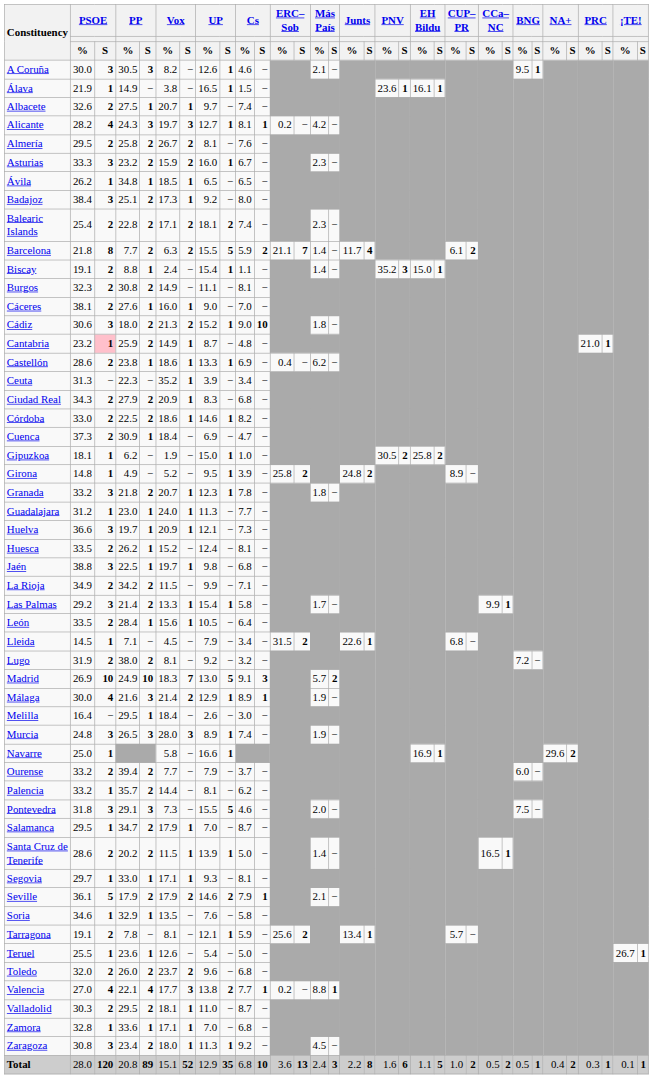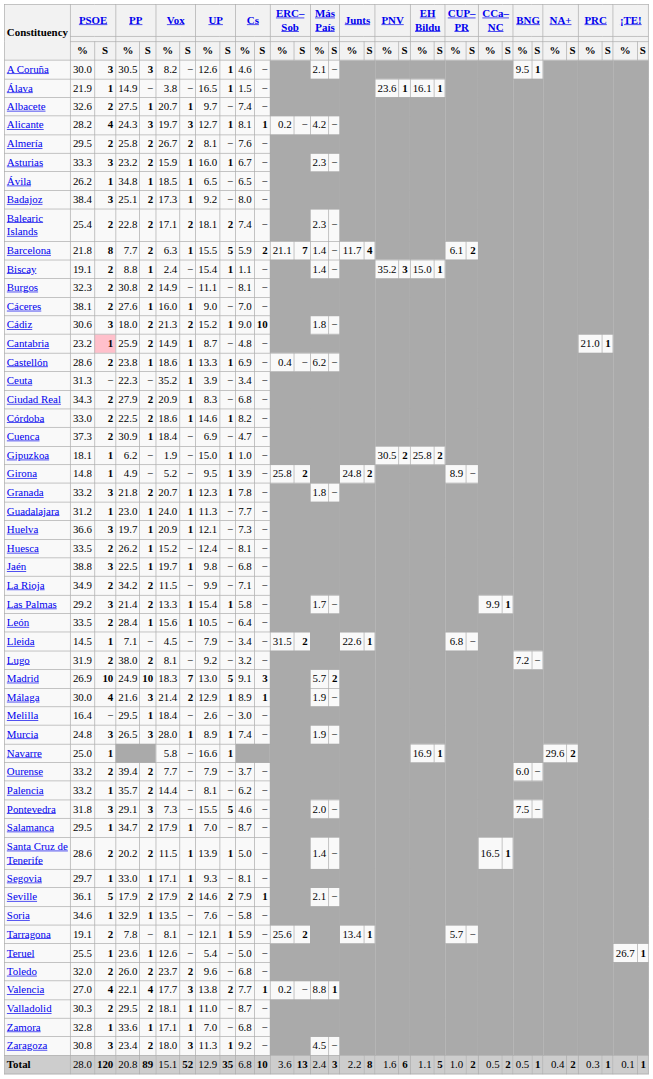 <table class="wikitable sortable" style="text-align:right; line-height:20px;">
 <tr>
 <th rowspan="3">Constituency</th>
 <th colspan="2" width="30px" class="unsortable"><a href='#'>PSOE</a></th>
 <th colspan="2" width="30px" class="unsortable"><a href='#'>PP</a></th>
 <th colspan="2" width="30px" class="unsortable"><a href='#'>Vox</a></th>
 <th colspan="2" width="30px" class="unsortable"><a href='#'>UP</a></th>
 <th colspan="2" width="30px" class="unsortable"><a href='#'>Cs</a></th>
 <th colspan="2" width="30px" class="unsortable"><a href='#'>ERC–Sob</a></th>
 <th colspan="2" width="30px" class="unsortable"><a href='#'>Más País</a></th>
 <th colspan="2" width="30px" class="unsortable"><a href='#'>Junts</a></th>
 <th colspan="2" width="30px" class="unsortable"><a href='#'>PNV</a></th>
 <th colspan="2" width="30px" class="unsortable"><a href='#'>EH Bildu</a></th>
 <th colspan="2" width="30px" class="unsortable"><a href='#'>CUP–PR</a></th>
 <th colspan="2" width="30px" class="unsortable"><a href='#'>CCa–NC</a></th>
 <th colspan="2" width="30px" class="unsortable"><a href='#'>BNG</a></th>
 <th colspan="2" width="30px" class="unsortable"><a href='#'>NA+</a></th>
 <th colspan="2" width="30px" class="unsortable"><a href='#'>PRC</a></th>
 <th colspan="2" width="30px" class="unsortable"><a href='#'>¡TE!</a></th>
 </tr>
 <tr>
 <th colspan="2" style="background:"></th>
 <th colspan="2" style="background:"></th>
 <th colspan="2" style="background:"></th>
 <th colspan="2" style="background:"></th>
 <th colspan="2" style="background:"></th>
 <th colspan="2" style="background:"></th>
 <th colspan="2" style="background:"></th>
 <th colspan="2" style="background:"></th>
 <th colspan="2" style="background:"></th>
 <th colspan="2" style="background:"></th>
 <th colspan="2" style="background:"></th>
 <th colspan="2" style="background:"></th>
 <th colspan="2" style="background:"></th>
 <th colspan="2" style="background:"></th>
 <th colspan="2" style="background:"></th>
 <th colspan="2" style="background:"></th>
 </tr>
 <tr>
 <th data-sort-type="number">%</th>
 <th data-sort-type="number">S</th>
 <th data-sort-type="number">%</th>
 <th data-sort-type="number">S</th>
 <th data-sort-type="number">%</th>
 <th data-sort-type="number">S</th>
 <th data-sort-type="number">%</th>
 <th data-sort-type="number">S</th>
 <th data-sort-type="number">%</th>
 <th data-sort-type="number">S</th>
 <th data-sort-type="number">%</th>
 <th data-sort-type="number">S</th>
 <th data-sort-type="number">%</th>
 <th data-sort-type="number">S</th>
 <th data-sort-type="number">%</th>
 <th data-sort-type="number">S</th>
 <th data-sort-type="number">%</th>
 <th data-sort-type="number">S</th>
 <th data-sort-type="number">%</th>
 <th data-sort-type="number">S</th>
 <th data-sort-type="number">%</th>
 <th data-sort-type="number">S</th>
 <th data-sort-type="number">%</th>
 <th data-sort-type="number">S</th>
 <th data-sort-type="number">%</th>
 <th data-sort-type="number">S</th>
 <th data-sort-type="number">%</th>
 <th data-sort-type="number">S</th>
 <th data-sort-type="number">%</th>
 <th data-sort-type="number">S</th>
 <th data-sort-type="number">%</th>
 <th data-sort-type="number">S</th>
 </tr>
 <tr>
 <td align="left"><a href='#'>A Coruña</a></td>
 <td>30.0</td>
 <td><strong>3</strong></td>
 <td style="background:">30.5</td>
 <td><strong>3</strong></td>
 <td>8.2</td>
 <td>−</td>
 <td>12.6</td>
 <td><strong>1</strong></td>
 <td>4.6</td>
 <td>−</td>
 <td colspan="2" rowspan="3" bgcolor="#AAAAAA"></td>
 <td>2.1</td>
 <td>−</td>
 <td colspan="2" rowspan="9" bgcolor="#AAAAAA"></td>
 <td colspan="2" bgcolor="#AAAAAA"></td>
 <td colspan="2" bgcolor="#AAAAAA"></td>
 <td colspan="2" rowspan="9" bgcolor="#AAAAAA"></td>
 <td colspan="2" rowspan="28" bgcolor="#AAAAAA"></td>
 <td>9.5</td>
 <td><strong>1</strong></td>
 <td colspan="2" rowspan="36" bgcolor="#AAAAAA"></td>
 <td colspan="2" rowspan="14" bgcolor="#AAAAAA"></td>
 <td colspan="2" rowspan="46" bgcolor="#AAAAAA"></td>
 </tr>
 <tr>
 <td align="left"><a href='#'>Álava</a></td>
 <td>21.9</td>
 <td><strong>1</strong></td>
 <td>14.9</td>
 <td>−</td>
 <td>3.8</td>
 <td>−</td>
 <td>16.5</td>
 <td><strong>1</strong></td>
 <td>1.5</td>
 <td>−</td>
 <td colspan="2" rowspan="2" bgcolor="#AAAAAA"></td>
 <td style="background:">23.6</td>
 <td><strong>1</strong></td>
 <td>16.1</td>
 <td><strong>1</strong></td>
 <td colspan="2" rowspan="30" bgcolor="#AAAAAA"></td>
 </tr>
 <tr>
 <td align="left"><a href='#'>Albacete</a></td>
 <td style="background:">32.6</td>
 <td><strong>2</strong></td>
 <td>27.5</td>
 <td><strong>1</strong></td>
 <td>20.7</td>
 <td><strong>1</strong></td>
 <td>9.7</td>
 <td>−</td>
 <td>7.4</td>
 <td>−</td>
 <td colspan="2" rowspan="8" bgcolor="#AAAAAA"></td>
 <td colspan="2" rowspan="8" bgcolor="#AAAAAA"></td>
 </tr>
 <tr>
 <td align="left"><a href='#'>Alicante</a></td>
 <td style="background:">28.2</td>
 <td><strong>4</strong></td>
 <td>24.3</td>
 <td><strong>3</strong></td>
 <td>19.7</td>
 <td><strong>3</strong></td>
 <td>12.7</td>
 <td><strong>1</strong></td>
 <td>8.1</td>
 <td><strong>1</strong></td>
 <td>0.2</td>
 <td>−</td>
 <td>4.2</td>
 <td>−</td>
 </tr>
 <tr>
 <td align="left"><a href='#'>Almería</a></td>
 <td style="background:">29.5</td>
 <td><strong>2</strong></td>
 <td>25.8</td>
 <td><strong>2</strong></td>
 <td>26.7</td>
 <td><strong>2</strong></td>
 <td>8.1</td>
 <td>−</td>
 <td>7.6</td>
 <td>−</td>
 <td colspan="2" rowspan="5" bgcolor="#AAAAAA"></td>
 <td colspan="2" bgcolor="#AAAAAA"></td>
 </tr>
 <tr>
 <td align="left"><a href='#'>Asturias</a></td>
 <td style="background:">33.3</td>
 <td><strong>3</strong></td>
 <td>23.2</td>
 <td><strong>2</strong></td>
 <td>15.9</td>
-<td><strong>2</strong></td>
+<td><strong>1</strong></td>
 <td>16.0</td>
 <td><strong>1</strong></td>
 <td>6.7</td>
 <td>−</td>
 <td>2.3</td>
 <td>−</td>
 </tr>
 <tr>
 <td align="left"><a href='#'>Ávila</a></td>
 <td>26.2</td>
 <td><strong>1</strong></td>
 <td style="background:">34.8</td>
 <td><strong>1</strong></td>
 <td>18.5</td>
 <td><strong>1</strong></td>
 <td>6.5</td>
 <td>−</td>
 <td>6.5</td>
 <td>−</td>
 <td colspan="2" rowspan="2" bgcolor="#AAAAAA"></td>
 </tr>
 <tr>
 <td align="left"><a href='#'>Badajoz</a></td>
 <td style="background:">38.4</td>
 <td><strong>3</strong></td>
 <td>25.1</td>
 <td><strong>2</strong></td>
 <td>17.3</td>
 <td><strong>1</strong></td>
 <td>9.2</td>
 <td>−</td>
 <td>8.0</td>
 <td>−</td>
 </tr>
 <tr>
 <td align="left"><a href='#'>Balearic Islands</a></td>
 <td style="background:">25.4</td>
 <td><strong>2</strong></td>
 <td>22.8</td>
 <td><strong>2</strong></td>
 <td>17.1</td>
 <td><strong>2</strong></td>
 <td>18.1</td>
 <td><strong>2</strong></td>
 <td>7.4</td>
 <td>−</td>
 <td>2.3</td>
 <td>−</td>
 </tr>
 <tr>
 <td align="left"><a href='#'>Barcelona</a></td>
 <td style="background:">21.8</td>
 <td><strong>8</strong></td>
 <td>7.7</td>
 <td><strong>2</strong></td>
 <td>6.3</td>
-<td><strong>2</strong></td>
+<td><strong>1</strong></td>
 <td>15.5</td>
 <td><strong>5</strong></td>
 <td>5.9</td>
 <td><strong>2</strong></td>
 <td>21.1</td>
 <td><strong>7</strong></td>
 <td>1.4</td>
 <td>−</td>
 <td>11.7</td>
 <td><strong>4</strong></td>
 <td>6.1</td>
 <td><strong>2</strong></td>
 </tr>
 <tr>
 <td align="left"><a href='#'>Biscay</a></td>
 <td>19.1</td>
 <td><strong>2</strong></td>
 <td>8.8</td>
 <td><strong>1</strong></td>
 <td>2.4</td>
 <td>−</td>
 <td>15.4</td>
 <td><strong>1</strong></td>
 <td>1.1</td>
 <td>−</td>
 <td colspan="2" rowspan="5" bgcolor="#AAAAAA"></td>
 <td>1.4</td>
 <td>−</td>
 <td colspan="2" rowspan="11" bgcolor="#AAAAAA"></td>
 <td style="background:">35.2</td>
 <td><strong>3</strong></td>
 <td>15.0</td>
 <td><strong>1</strong></td>
 <td colspan="2" rowspan="11" bgcolor="#AAAAAA"></td>
 </tr>
 <tr>
 <td align="left"><a href='#'>Burgos</a></td>
 <td style="background:">32.3</td>
 <td><strong>2</strong></td>
 <td>30.8</td>
 <td><strong>2</strong></td>
 <td>14.9</td>
 <td>−</td>
 <td>11.1</td>
 <td>−</td>
 <td>8.1</td>
 <td>−</td>
 <td colspan="2" rowspan="2" bgcolor="#AAAAAA"></td>
 <td colspan="2" rowspan="9" bgcolor="#AAAAAA"></td>
 <td colspan="2" rowspan="9" bgcolor="#AAAAAA"></td>
 </tr>
 <tr>
 <td align="left"><a href='#'>Cáceres</a></td>
 <td style="background:">38.1</td>
 <td><strong>2</strong></td>
 <td>27.6</td>
 <td><strong>1</strong></td>
 <td>16.0</td>
 <td><strong>1</strong></td>
 <td>9.0</td>
 <td>−</td>
 <td>7.0</td>
 <td>−</td>
 </tr>
 <tr>
 <td align="left"><a href='#'>Cádiz</a></td>
 <td style="background:">30.6</td>
 <td><strong>3</strong></td>
 <td>18.0</td>
 <td><strong>2</strong></td>
 <td>21.3</td>
 <td><strong>2</strong></td>
 <td>15.2</td>
 <td><strong>1</strong></td>
 <td>9.0</td>
 <td><strong>10</strong></td>
 <td>1.8</td>
 <td>−</td>
 </tr>
 <tr>
 <td align="left"><a href='#'>Cantabria</a></td>
 <td>23.2</td>
 <td style="background: pink;"><strong>1</strong></td>
 <td style="background:">25.9</td>
 <td><strong>2</strong></td>
 <td>14.9</td>
 <td><strong>1</strong></td>
 <td>8.7</td>
 <td>−</td>
 <td>4.8</td>
 <td>−</td>
 <td colspan="2" bgcolor="#AAAAAA"></td>
 <td>21.0</td>
 <td><strong>1</strong></td>
 </tr>
 <tr>
 <td align="left"><a href='#'>Castellón</a></td>
 <td style="background:">28.6</td>
 <td><strong>2</strong></td>
 <td>23.8</td>
 <td><strong>1</strong></td>
 <td>18.6</td>
 <td><strong>1</strong></td>
 <td>13.3</td>
 <td><strong>1</strong></td>
 <td>6.9</td>
 <td>−</td>
 <td>0.4</td>
 <td>−</td>
 <td>6.2</td>
 <td>−</td>
 <td colspan="2" rowspan="37" bgcolor="#AAAAAA"></td>
 </tr>
 <tr>
 <td align="left"><a href='#'>Ceuta</a></td>
 <td>31.3</td>
 <td>−</td>
 <td>22.3</td>
 <td>−</td>
 <td style="background:">35.2</td>
 <td><strong>1</strong></td>
 <td>3.9</td>
 <td>−</td>
 <td>3.4</td>
 <td>−</td>
 <td colspan="2" rowspan="5" bgcolor="#AAAAAA"></td>
 <td colspan="2" rowspan="6" bgcolor="#AAAAAA"></td>
 </tr>
 <tr>
 <td align="left"><a href='#'>Ciudad Real</a></td>
 <td style="background:">34.3</td>
 <td><strong>2</strong></td>
 <td>27.9</td>
 <td><strong>2</strong></td>
 <td>20.9</td>
 <td><strong>1</strong></td>
 <td>8.3</td>
 <td>−</td>
 <td>6.8</td>
 <td>−</td>
 </tr>
 <tr>
 <td align="left"><a href='#'>Córdoba</a></td>
 <td style="background:">33.0</td>
 <td><strong>2</strong></td>
 <td>22.5</td>
 <td><strong>2</strong></td>
 <td>18.6</td>
 <td><strong>1</strong></td>
 <td>14.6</td>
 <td><strong>1</strong></td>
 <td>8.2</td>
 <td>−</td>
 </tr>
 <tr>
 <td align="left"><a href='#'>Cuenca</a></td>
 <td style="background:">37.3</td>
 <td><strong>2</strong></td>
 <td>30.9</td>
 <td><strong>1</strong></td>
 <td>18.4</td>
 <td>−</td>
 <td>6.9</td>
 <td>−</td>
 <td>4.7</td>
 <td>−</td>
 </tr>
 <tr>
 <td align="left"><a href='#'>Gipuzkoa</a></td>
 <td>18.1</td>
 <td><strong>1</strong></td>
 <td>6.2</td>
 <td>−</td>
 <td>1.9</td>
 <td>−</td>
 <td>15.0</td>
 <td><strong>1</strong></td>
 <td>1.0</td>
 <td>−</td>
 <td style="background:">30.5</td>
 <td><strong>2</strong></td>
 <td>25.8</td>
 <td><strong>2</strong></td>
 </tr>
 <tr>
 <td align="left"><a href='#'>Girona</a></td>
 <td>14.8</td>
 <td><strong>1</strong></td>
 <td>4.9</td>
 <td>−</td>
 <td>5.2</td>
 <td>−</td>
 <td>9.5</td>
 <td><strong>1</strong></td>
 <td>3.9</td>
 <td>−</td>
 <td style="background:">25.8</td>
 <td><strong>2</strong></td>
 <td>24.8</td>
 <td><strong>2</strong></td>
 <td colspan="2" rowspan="31" bgcolor="#AAAAAA"></td>
 <td colspan="2" rowspan="15" bgcolor="#AAAAAA"></td>
 <td>8.9</td>
 <td>−</td>
 </tr>
 <tr>
 <td align="left"><a href='#'>Granada</a></td>
 <td style="background:">33.2</td>
 <td><strong>3</strong></td>
 <td>21.8</td>
 <td><strong>2</strong></td>
 <td>20.7</td>
 <td><strong>1</strong></td>
 <td>12.3</td>
 <td><strong>1</strong></td>
 <td>7.8</td>
 <td>−</td>
 <td colspan="2" rowspan="8" bgcolor="#AAAAAA"></td>
 <td>1.8</td>
 <td>−</td>
 <td colspan="2" rowspan="8" bgcolor="#AAAAAA"></td>
 <td colspan="2" rowspan="8" bgcolor="#AAAAAA"></td>
 </tr>
 <tr>
 <td align="left"><a href='#'>Guadalajara</a></td>
 <td style="background:">31.2</td>
 <td><strong>1</strong></td>
 <td>23.0</td>
 <td><strong>1</strong></td>
 <td>24.0</td>
 <td><strong>1</strong></td>
 <td>11.3</td>
 <td>−</td>
 <td>7.7</td>
 <td>−</td>
 <td colspan="2" rowspan="5" bgcolor="#AAAAAA"></td>
 </tr>
 <tr>
 <td align="left"><a href='#'>Huelva</a></td>
 <td style="background:">36.6</td>
 <td><strong>3</strong></td>
 <td>19.7</td>
 <td><strong>1</strong></td>
 <td>20.9</td>
 <td><strong>1</strong></td>
 <td>12.1</td>
 <td>−</td>
 <td>7.3</td>
 <td>−</td>
 </tr>
 <tr>
 <td align="left"><a href='#'>Huesca</a></td>
 <td style="background:">33.5</td>
 <td><strong>2</strong></td>
 <td>26.2</td>
 <td><strong>1</strong></td>
 <td>15.2</td>
 <td>−</td>
 <td>12.4</td>
 <td>−</td>
 <td>8.1</td>
 <td>−</td>
 </tr>
 <tr>
 <td align="left"><a href='#'>Jaén</a></td>
 <td style="background:">38.8</td>
 <td><strong>3</strong></td>
 <td>22.5</td>
 <td><strong>1</strong></td>
 <td>19.7</td>
 <td><strong>1</strong></td>
 <td>9.8</td>
 <td>−</td>
 <td>6.8</td>
 <td>−</td>
 </tr>
 <tr>
 <td align="left"><a href='#'>La Rioja</a></td>
 <td style="background:">34.9</td>
 <td><strong>2</strong></td>
 <td>34.2</td>
 <td><strong>2</strong></td>
 <td>11.5</td>
 <td>−</td>
 <td>9.9</td>
 <td>−</td>
 <td>7.1</td>
 <td>−</td>
 </tr>
 <tr>
 <td align="left"><a href='#'>Las Palmas</a></td>
 <td style="background:">29.2</td>
 <td><strong>3</strong></td>
 <td>21.4</td>
 <td><strong>2</strong></td>
 <td>13.3</td>
 <td><strong>1</strong></td>
 <td>15.4</td>
 <td><strong>1</strong></td>
 <td>5.8</td>
 <td>−</td>
 <td>1.7</td>
 <td>−</td>
 <td>9.9</td>
 <td><strong>1</strong></td>
 </tr>
 <tr>
 <td align="left"><a href='#'>León</a></td>
 <td style="background:">33.5</td>
 <td><strong>2</strong></td>
 <td>28.4</td>
 <td><strong>1</strong></td>
 <td>15.6</td>
 <td><strong>1</strong></td>
 <td>10.5</td>
 <td>−</td>
 <td>6.4</td>
 <td>−</td>
 <td colspan="2" rowspan="3" bgcolor="#AAAAAA"></td>
 <td colspan="2" rowspan="12" bgcolor="#AAAAAA"></td>
 </tr>
 <tr>
 <td align="left"><a href='#'>Lleida</a></td>
 <td>14.5</td>
 <td><strong>1</strong></td>
 <td>7.1</td>
 <td>−</td>
 <td>4.5</td>
 <td>−</td>
 <td>7.9</td>
 <td>−</td>
 <td>3.4</td>
 <td>−</td>
 <td style="background:">31.5</td>
 <td><strong>2</strong></td>
 <td>22.6</td>
 <td><strong>1</strong></td>
 <td>6.8</td>
 <td>−</td>
 </tr>
 <tr>
 <td align="left"><a href='#'>Lugo</a></td>
 <td>31.9</td>
 <td><strong>2</strong></td>
 <td style="background:">38.0</td>
 <td><strong>2</strong></td>
 <td>8.1</td>
 <td>−</td>
 <td>9.2</td>
 <td>−</td>
 <td>3.2</td>
 <td>−</td>
 <td colspan="2" rowspan="14" bgcolor="#AAAAAA"></td>
 <td colspan="2" rowspan="14" bgcolor="#AAAAAA"></td>
 <td colspan="2" rowspan="14" bgcolor="#AAAAAA"></td>
 <td>7.2</td>
 <td>−</td>
 </tr>
 <tr>
 <td align="left"><a href='#'>Madrid</a></td>
 <td style="background:">26.9</td>
 <td><strong>10</strong></td>
 <td>24.9</td>
 <td><strong>10</strong></td>
 <td>18.3</td>
 <td><strong>7</strong></td>
 <td>13.0</td>
 <td><strong>5</strong></td>
 <td>9.1</td>
 <td><strong>3</strong></td>
 <td>5.7</td>
 <td><strong>2</strong></td>
 <td colspan="2" rowspan="5" bgcolor="#AAAAAA"></td>
 </tr>
 <tr>
 <td align="left"><a href='#'>Málaga</a></td>
 <td style="background:">30.0</td>
 <td><strong>4</strong></td>
 <td>21.6</td>
 <td><strong>3</strong></td>
 <td>21.4</td>
 <td><strong>2</strong></td>
 <td>12.9</td>
 <td><strong>1</strong></td>
 <td>8.9</td>
 <td><strong>1</strong></td>
 <td>1.9</td>
 <td>−</td>
 </tr>
 <tr>
 <td align="left"><a href='#'>Melilla</a></td>
 <td>16.4</td>
 <td>−</td>
 <td style="background:">29.5</td>
 <td><strong>1</strong></td>
 <td>18.4</td>
 <td>−</td>
 <td>2.6</td>
 <td>−</td>
 <td>3.0</td>
 <td>−</td>
 <td colspan="2" bgcolor="#AAAAAA"></td>
 </tr>
 <tr>
 <td align="left"><a href='#'>Murcia</a></td>
 <td>24.8</td>
 <td><strong>3</strong></td>
 <td>26.5</td>
 <td><strong>3</strong></td>
 <td style="background:">28.0</td>
-<td><strong>3</strong></td>
+<td><strong>1</strong></td>
 <td>8.9</td>
 <td><strong>1</strong></td>
 <td>7.4</td>
 <td>−</td>
 <td>1.9</td>
 <td>−</td>
 </tr>
 <tr>
 <td align="left"><a href='#'>Navarre</a></td>
 <td>25.0</td>
 <td><strong>1</strong></td>
 <td colspan="2" bgcolor="#AAAAAA"></td>
 <td>5.8</td>
 <td>−</td>
 <td>16.6</td>
 <td><strong>1</strong></td>
 <td colspan="2" bgcolor="#AAAAAA"></td>
 <td colspan="2" rowspan="3" bgcolor="#AAAAAA"></td>
 <td>16.9</td>
 <td><strong>1</strong></td>
 <td style="background:">29.6</td>
 <td><strong>2</strong></td>
 </tr>
 <tr>
 <td align="left"><a href='#'>Ourense</a></td>
 <td>33.2</td>
 <td><strong>2</strong></td>
 <td style="background:">39.4</td>
 <td><strong>2</strong></td>
 <td>7.7</td>
 <td>−</td>
 <td>7.9</td>
 <td>−</td>
 <td>3.7</td>
 <td>−</td>
 <td colspan="2" rowspan="15" bgcolor="#AAAAAA"></td>
 <td>6.0</td>
 <td>−</td>
 <td colspan="2" rowspan="15" bgcolor="#AAAAAA"></td>
 </tr>
 <tr>
 <td align="left"><a href='#'>Palencia</a></td>
 <td>33.2</td>
 <td><strong>1</strong></td>
 <td style="background:">35.7</td>
 <td><strong>2</strong></td>
 <td>14.4</td>
 <td>−</td>
 <td>8.1</td>
 <td>−</td>
 <td>6.2</td>
 <td>−</td>
 <td colspan="2" bgcolor="#AAAAAA"></td>
 </tr>
 <tr>
 <td align="left"><a href='#'>Pontevedra</a></td>
 <td style="background:">31.8</td>
 <td><strong>3</strong></td>
 <td>29.1</td>
 <td><strong>3</strong></td>
 <td>7.3</td>
 <td>−</td>
 <td>15.5</td>
 <td><strong>5</strong></td>
 <td>4.6</td>
 <td>−</td>
 <td>2.0</td>
 <td>−</td>
 <td>7.5</td>
 <td>−</td>
 </tr>
 <tr>
 <td align="left"><a href='#'>Salamanca</a></td>
 <td>29.5</td>
 <td><strong>1</strong></td>
 <td style="background:">34.7</td>
 <td><strong>2</strong></td>
 <td>17.9</td>
 <td><strong>1</strong></td>
 <td>7.0</td>
 <td>−</td>
 <td>8.7</td>
 <td>−</td>
 <td colspan="2" bgcolor="#AAAAAA"></td>
 <td colspan="2" rowspan="12" bgcolor="#AAAAAA"></td>
 </tr>
 <tr>
 <td align="left"><a href='#'>Santa Cruz de Tenerife</a></td>
 <td style="background:">28.6</td>
 <td><strong>2</strong></td>
 <td>20.2</td>
 <td><strong>2</strong></td>
 <td>11.5</td>
 <td><strong>1</strong></td>
 <td>13.9</td>
 <td><strong>1</strong></td>
 <td>5.0</td>
 <td>−</td>
 <td>1.4</td>
 <td>−</td>
 <td>16.5</td>
 <td><strong>1</strong></td>
 </tr>
 <tr>
 <td align="left"><a href='#'>Segovia</a></td>
 <td>29.7</td>
 <td><strong>1</strong></td>
 <td style="background:">33.0</td>
 <td><strong>1</strong></td>
 <td>17.1</td>
 <td><strong>1</strong></td>
 <td>9.3</td>
 <td>−</td>
 <td>8.1</td>
 <td>−</td>
 <td colspan="2" bgcolor="#AAAAAA"></td>
 <td colspan="2" rowspan="10" bgcolor="#AAAAAA"></td>
 </tr>
 <tr>
 <td align="left"><a href='#'>Seville</a></td>
 <td style="background:">36.1</td>
 <td><strong>5</strong></td>
 <td>17.9</td>
 <td><strong>2</strong></td>
 <td>17.9</td>
 <td><strong>2</strong></td>
 <td>14.6</td>
 <td><strong>2</strong></td>
 <td>7.9</td>
 <td><strong>1</strong></td>
 <td>2.1</td>
 <td>−</td>
 </tr>
 <tr>
 <td align="left"><a href='#'>Soria</a></td>
 <td style="background:">34.6</td>
 <td><strong>1</strong></td>
 <td>32.9</td>
 <td><strong>1</strong></td>
 <td>13.5</td>
 <td>−</td>
 <td>7.6</td>
 <td>−</td>
 <td>5.8</td>
 <td>−</td>
 <td colspan="2" rowspan="4" bgcolor="#AAAAAA"></td>
 </tr>
 <tr>
 <td align="left"><a href='#'>Tarragona</a></td>
 <td>19.1</td>
 <td><strong>2</strong></td>
 <td>7.8</td>
 <td>−</td>
 <td>8.1</td>
 <td>−</td>
 <td>12.1</td>
 <td><strong>1</strong></td>
 <td>5.9</td>
 <td>−</td>
 <td style="background:">25.6</td>
 <td><strong>2</strong></td>
 <td>13.4</td>
 <td><strong>1</strong></td>
 <td>5.7</td>
 <td>−</td>
 </tr>
 <tr>
 <td align="left"><a href='#'>Teruel</a></td>
 <td>25.5</td>
 <td><strong>1</strong></td>
 <td>23.6</td>
 <td><strong>1</strong></td>
 <td>12.6</td>
 <td>−</td>
 <td>5.4</td>
 <td>−</td>
 <td>5.0</td>
 <td>−</td>
 <td colspan="2" rowspan="2" bgcolor="#AAAAAA"></td>
 <td colspan="2" rowspan="6" bgcolor="#AAAAAA"></td>
 <td colspan="2" rowspan="6" bgcolor="#AAAAAA"></td>
 <td style="background:">26.7</td>
 <td><strong>1</strong></td>
 </tr>
 <tr>
 <td align="left"><a href='#'>Toledo</a></td>
 <td style="background:">32.0</td>
 <td><strong>2</strong></td>
 <td>26.0</td>
 <td><strong>2</strong></td>
 <td>23.7</td>
 <td><strong>2</strong></td>
 <td>9.6</td>
 <td>−</td>
 <td>6.8</td>
 <td>−</td>
 <td colspan="2" rowspan="5" bgcolor="#AAAAAA"></td>
 </tr>
 <tr>
 <td align="left"><a href='#'>Valencia</a></td>
 <td style="background:">27.0</td>
 <td><strong>4</strong></td>
 <td>22.1</td>
 <td><strong>4</strong></td>
 <td>17.7</td>
 <td><strong>3</strong></td>
 <td>13.8</td>
 <td><strong>2</strong></td>
 <td>7.7</td>
 <td><strong>1</strong></td>
 <td>0.2</td>
 <td>−</td>
 <td>8.8</td>
 <td><strong>1</strong></td>
 </tr>
 <tr>
 <td align="left"><a href='#'>Valladolid</a></td>
 <td style="background:">30.3</td>
 <td><strong>2</strong></td>
 <td>29.5</td>
 <td><strong>2</strong></td>
 <td>18.1</td>
 <td><strong>1</strong></td>
 <td>11.0</td>
 <td>−</td>
 <td>8.7</td>
 <td>−</td>
 <td colspan="2" rowspan="3" bgcolor="#AAAAAA"></td>
 <td colspan="2" rowspan="2" bgcolor="#AAAAAA"></td>
 </tr>
 <tr>
 <td align="left"><a href='#'>Zamora</a></td>
 <td>32.8</td>
 <td><strong>1</strong></td>
 <td style="background:">33.6</td>
 <td><strong>1</strong></td>
 <td>17.1</td>
 <td><strong>1</strong></td>
 <td>7.0</td>
 <td>−</td>
 <td>6.8</td>
 <td>−</td>
 </tr>
 <tr>
 <td align="left"><a href='#'>Zaragoza</a></td>
 <td style="background:">30.8</td>
 <td><strong>3</strong></td>
 <td>23.4</td>
 <td><strong>2</strong></td>
 <td>18.0</td>
-<td><strong>1</strong></td>
+<td><strong>3</strong></td>
 <td>11.3</td>
 <td><strong>1</strong></td>
 <td>9.2</td>
 <td>−</td>
 <td>4.5</td>
 <td>−</td>
 </tr>
 <tr style="background:#CDCDCD;">
 <td align="left"><strong>Total</strong></td>
 <td style="background:">28.0</td>
 <td><strong>120</strong></td>
 <td>20.8</td>
 <td><strong>89</strong></td>
 <td>15.1</td>
 <td><strong>52</strong></td>
 <td>12.9</td>
 <td><strong>35</strong></td>
 <td>6.8</td>
 <td><strong>10</strong></td>
 <td>3.6</td>
 <td><strong>13</strong></td>
 <td>2.4</td>
 <td><strong>3</strong></td>
 <td>2.2</td>
 <td><strong>8</strong></td>
 <td>1.6</td>
 <td><strong>6</strong></td>
 <td>1.1</td>
 <td><strong>5</strong></td>
 <td>1.0</td>
 <td><strong>2</strong></td>
 <td>0.5</td>
 <td><strong>2</strong></td>
 <td>0.5</td>
 <td><strong>1</strong></td>
 <td>0.4</td>
 <td><strong>2</strong></td>
 <td>0.3</td>
 <td><strong>1</strong></td>
 <td>0.1</td>
 <td><strong>1</strong></td>
 </tr>
 </table>
